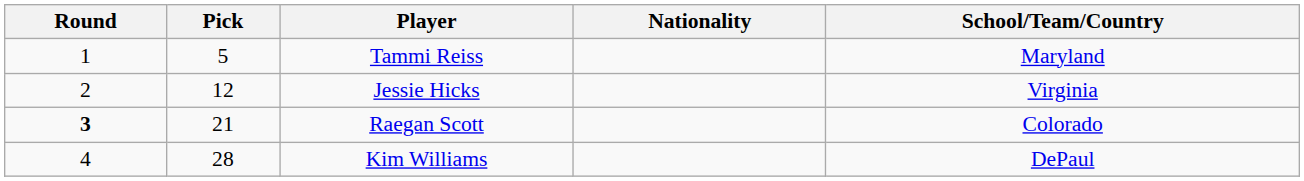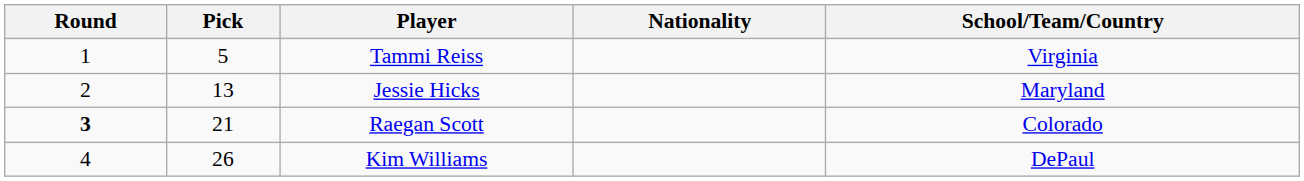 <table class="wikitable" style="text-align:center; width:60em">
 <tr>
 <th>Round</th>
 <th>Pick</th>
 <th>Player</th>
 <th>Nationality</th>
 <th>School/Team/Country</th>
 </tr>
 <tr>
 <td>1</td>
 <td>5</td>
 <td><a href='#'>Tammi Reiss</a></td>
 <td></td>
-<td><a href='#'>Maryland</a></td>
+<td><a href='#'>Virginia</a></td>
 </tr>
 <tr>
 <td>2</td>
-<td>12</td>
+<td>13</td>
 <td><a href='#'>Jessie Hicks</a></td>
 <td></td>
-<td><a href='#'>Virginia</a></td>
+<td><a href='#'>Maryland</a></td>
 </tr>
 <tr>
 <td><strong>3</strong></td>
 <td>21</td>
 <td><a href='#'>Raegan Scott</a></td>
 <td></td>
 <td><a href='#'>Colorado</a></td>
 </tr>
 <tr>
 <td>4</td>
-<td>28</td>
+<td>26</td>
 <td><a href='#'>Kim Williams</a></td>
 <td></td>
 <td><a href='#'>DePaul</a></td>
 </tr>
 </table>
